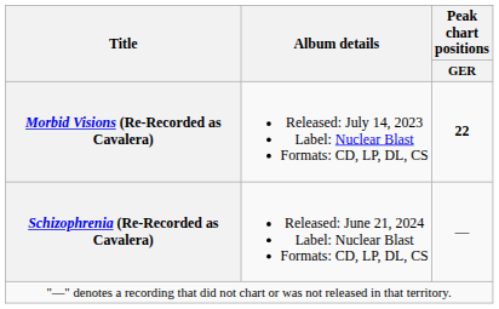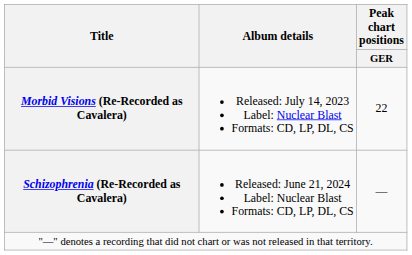 <table class="wikitable plainrowheaders" style="text-align:center;">
 <tr>
 <th scope="col" rowspan="2" style="width:16em;">Title</th>
 <th scope="col" rowspan="2">Album details</th>
 <th scope="col">Peak chart positions</th>
 </tr>
 <tr>
 <th scope="col" style="width:3em;font-size:90%;">GER</th>
 </tr>
 <tr>
 <th scope="row"><em><a href='#'>Morbid Visions</a></em> (Re-Recorded as <strong>Cavalera</strong>)</th>
 <td><br><ul><li>Released: July 14, 2023</li><li>Label: <a href='#'>Nuclear Blast</a></li><li>Formats: CD, LP, DL, CS</li></ul></td>
-<td><strong>22</strong></td>
+<td>22</td>
 </tr>
 <tr>
 <th scope="row"><em><a href='#'>Schizophrenia</a></em> (Re-Recorded as <strong>Cavalera</strong>)</th>
 <td><br><ul><li>Released: June 21, 2024</li><li>Label: Nuclear Blast</li><li>Formats: CD, LP, DL, CS</li></ul></td>
 <td>—</td>
 </tr>
 <tr>
 <td colspan="15" style="font-size:90%">"—" denotes a recording that did not chart or was not released in that territory.</td>
 </tr>
 </table>
